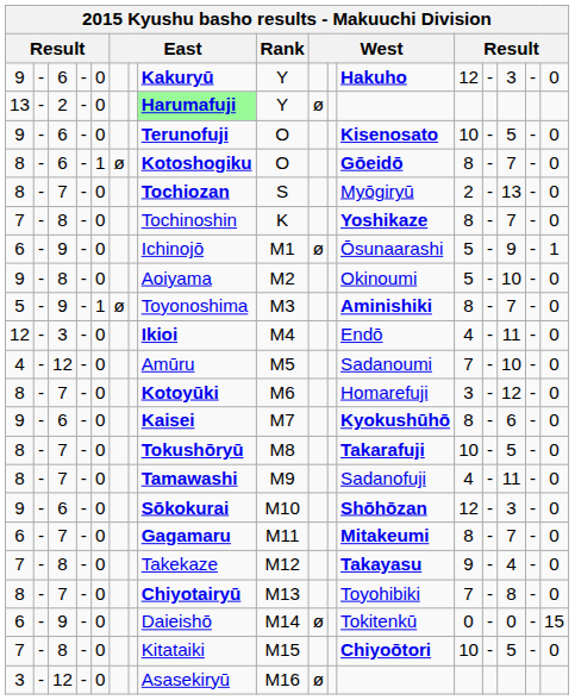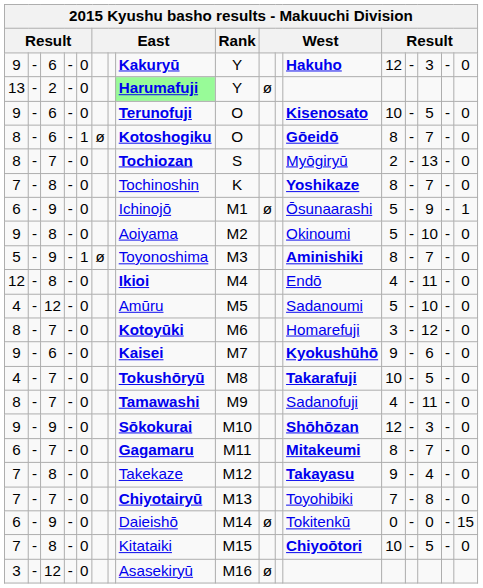 <table class="wikitable">
 <tr>
 <th colspan="17">2015 Kyushu basho results - Makuuchi Division</th>
 </tr>
 <tr>
 <th colspan="5">Result</th>
 <th colspan="3">East</th>
 <th>Rank</th>
 <th colspan="3">West</th>
 <th colspan="5">Result</th>
 </tr>
 <tr>
 <td align=center>9</td>
 <td align=center>-</td>
 <td align=center>6</td>
 <td align=center>-</td>
 <td align=center>0</td>
 <td align=center></td>
 <td align=center></td>
 <td><strong><a href='#'>Kakuryū</a></strong></td>
 <td align=center>Y</td>
 <td align=center></td>
 <td align=center></td>
 <td><strong><a href='#'>Hakuho</a></strong></td>
 <td align=center>12</td>
 <td align=center>-</td>
 <td align=center>3</td>
 <td align=center>-</td>
 <td align=center>0</td>
 </tr>
 <tr>
 <td align=center>13</td>
 <td align=center>-</td>
 <td align=center>2</td>
 <td align=center>-</td>
 <td align=center>0</td>
 <td align=center></td>
 <td align=center></td>
 <td style="background: PaleGreen;"><strong><a href='#'>Harumafuji</a></strong></td>
 <td align=center>Y</td>
 <td align=center>ø</td>
 <td align=center></td>
 <td></td>
 <td align=center></td>
 <td align=center></td>
 <td align=center></td>
 <td align=center></td>
 <td align=center></td>
 </tr>
 <tr>
 <td align=center>9</td>
 <td align=center>-</td>
 <td align=center>6</td>
 <td align=center>-</td>
 <td align=center>0</td>
 <td align=center></td>
 <td align=center></td>
 <td><strong><a href='#'>Terunofuji</a></strong></td>
 <td align=center>O</td>
 <td align=center></td>
 <td align=center></td>
 <td><strong><a href='#'>Kisenosato</a></strong></td>
 <td align=center>10</td>
 <td align=center>-</td>
 <td align=center>5</td>
 <td align=center>-</td>
 <td align=center>0</td>
 </tr>
 <tr>
 <td align=center>8</td>
 <td align=center>-</td>
 <td align=center>6</td>
 <td align=center>-</td>
 <td align=center>1</td>
 <td align=center>ø</td>
 <td align=center></td>
 <td><strong><a href='#'>Kotoshogiku</a></strong></td>
 <td align=center>O</td>
 <td align=center></td>
 <td align=center></td>
 <td><strong><a href='#'>Gōeidō</a></strong></td>
 <td align=center>8</td>
 <td align=center>-</td>
 <td align=center>7</td>
 <td align=center>-</td>
 <td align=center>0</td>
 </tr>
 <tr>
 <td align=center>8</td>
 <td align=center>-</td>
 <td align=center>7</td>
 <td align=center>-</td>
 <td align=center>0</td>
 <td align=center></td>
 <td align=center></td>
 <td><strong><a href='#'>Tochiozan</a></strong></td>
 <td align=center>S</td>
 <td align=center></td>
 <td align=center></td>
 <td><a href='#'>Myōgiryū</a></td>
 <td align=center>2</td>
 <td align=center>-</td>
 <td align=center>13</td>
 <td align=center>-</td>
 <td align=center>0</td>
 </tr>
 <tr>
 <td align=center>7</td>
 <td align=center>-</td>
 <td align=center>8</td>
 <td align=center>-</td>
 <td align=center>0</td>
 <td align=center></td>
 <td align=center></td>
 <td><a href='#'>Tochinoshin</a></td>
 <td align=center>K</td>
 <td align=center></td>
 <td align=center></td>
 <td><strong><a href='#'>Yoshikaze</a></strong></td>
 <td align=center>8</td>
 <td align=center>-</td>
 <td align=center>7</td>
 <td align=center>-</td>
 <td align=center>0</td>
 </tr>
 <tr>
 <td align=center>6</td>
 <td align=center>-</td>
 <td align=center>9</td>
 <td align=center>-</td>
 <td align=center>0</td>
 <td align=center></td>
 <td align=center></td>
 <td><a href='#'>Ichinojō</a></td>
 <td align=center>M1</td>
 <td align=center>ø</td>
 <td align=center></td>
 <td><a href='#'>Ōsunaarashi</a></td>
 <td align=center>5</td>
 <td align=center>-</td>
 <td align=center>9</td>
 <td align=center>-</td>
 <td align=center>1</td>
 </tr>
 <tr>
 <td align=center>9</td>
 <td align=center>-</td>
 <td align=center>8</td>
 <td align=center>-</td>
 <td align=center>0</td>
 <td align=center></td>
 <td align=center></td>
 <td><a href='#'>Aoiyama</a></td>
 <td align=center>M2</td>
 <td align=center></td>
 <td align=center></td>
 <td><a href='#'>Okinoumi</a></td>
 <td align=center>5</td>
 <td align=center>-</td>
 <td align=center>10</td>
 <td align=center>-</td>
 <td align=center>0</td>
 </tr>
 <tr>
 <td align=center>5</td>
 <td align=center>-</td>
 <td align=center>9</td>
 <td align=center>-</td>
 <td align=center>1</td>
 <td align=center>ø</td>
 <td align=center></td>
 <td><a href='#'>Toyonoshima</a></td>
 <td align=center>M3</td>
 <td align=center></td>
 <td align=center></td>
 <td><strong><a href='#'>Aminishiki</a></strong></td>
 <td align=center>8</td>
 <td align=center>-</td>
 <td align=center>7</td>
 <td align=center>-</td>
 <td align=center>0</td>
 </tr>
 <tr>
 <td align=center>12</td>
 <td align=center>-</td>
-<td align=center>3</td>
+<td align=center>8</td>
 <td align=center>-</td>
 <td align=center>0</td>
 <td align=center></td>
 <td align=center></td>
 <td><strong><a href='#'>Ikioi</a></strong></td>
 <td align=center>M4</td>
 <td align=center></td>
 <td align=center></td>
 <td><a href='#'>Endō</a></td>
 <td align=center>4</td>
 <td align=center>-</td>
 <td align=center>11</td>
 <td align=center>-</td>
 <td align=center>0</td>
 </tr>
 <tr>
 <td align=center>4</td>
 <td align=center>-</td>
 <td align=center>12</td>
 <td align=center>-</td>
 <td align=center>0</td>
 <td align=center></td>
 <td align=center></td>
 <td><a href='#'>Amūru</a></td>
 <td align=center>M5</td>
 <td align=center></td>
 <td align=center></td>
 <td><a href='#'>Sadanoumi</a></td>
-<td align=center>7</td>
+<td align=center>5</td>
 <td align=center>-</td>
 <td align=center>10</td>
 <td align=center>-</td>
 <td align=center>0</td>
 </tr>
 <tr>
 <td align=center>8</td>
 <td align=center>-</td>
 <td align=center>7</td>
 <td align=center>-</td>
 <td align=center>0</td>
 <td align=center></td>
 <td align=center></td>
 <td><strong><a href='#'>Kotoyūki</a></strong></td>
 <td align=center>M6</td>
 <td align=center></td>
 <td align=center></td>
 <td><a href='#'>Homarefuji</a></td>
 <td align=center>3</td>
 <td align=center>-</td>
 <td align=center>12</td>
 <td align=center>-</td>
 <td align=center>0</td>
 </tr>
 <tr>
 <td align=center>9</td>
 <td align=center>-</td>
 <td align=center>6</td>
 <td align=center>-</td>
 <td align=center>0</td>
 <td align=center></td>
 <td align=center></td>
 <td><strong><a href='#'>Kaisei</a></strong></td>
 <td align=center>M7</td>
 <td align=center></td>
 <td align=center></td>
 <td><strong><a href='#'>Kyokushūhō</a></strong></td>
-<td align=center>8</td>
+<td align=center>9</td>
 <td align=center>-</td>
 <td align=center>6</td>
 <td align=center>-</td>
 <td align=center>0</td>
 </tr>
 <tr>
-<td align=center>8</td>
+<td align=center>4</td>
 <td align=center>-</td>
 <td align=center>7</td>
 <td align=center>-</td>
 <td align=center>0</td>
 <td align=center></td>
 <td align=center></td>
 <td><strong><a href='#'>Tokushōryū</a></strong></td>
 <td align=center>M8</td>
 <td align=center></td>
 <td align=center></td>
 <td><strong><a href='#'>Takarafuji</a></strong></td>
 <td align=center>10</td>
 <td align=center>-</td>
 <td align=center>5</td>
 <td align=center>-</td>
 <td align=center>0</td>
 </tr>
 <tr>
 <td align=center>8</td>
 <td align=center>-</td>
 <td align=center>7</td>
 <td align=center>-</td>
 <td align=center>0</td>
 <td align=center></td>
 <td align=center></td>
 <td><strong><a href='#'>Tamawashi</a></strong></td>
 <td align=center>M9</td>
 <td align=center></td>
 <td align=center></td>
 <td><a href='#'>Sadanofuji</a></td>
 <td align=center>4</td>
 <td align=center>-</td>
 <td align=center>11</td>
 <td align=center>-</td>
 <td align=center>0</td>
 </tr>
 <tr>
 <td align=center>9</td>
 <td align=center>-</td>
-<td align=center>6</td>
+<td align=center>9</td>
 <td align=center>-</td>
 <td align=center>0</td>
 <td align=center></td>
 <td align=center></td>
 <td><strong><a href='#'>Sōkokurai</a></strong></td>
 <td align=center>M10</td>
 <td align=center></td>
 <td align=center></td>
 <td><strong><a href='#'>Shōhōzan</a></strong></td>
 <td align=center>12</td>
 <td align=center>-</td>
 <td align=center>3</td>
 <td align=center>-</td>
 <td align=center>0</td>
 </tr>
 <tr>
 <td align=center>6</td>
 <td align=center>-</td>
 <td align=center>7</td>
 <td align=center>-</td>
 <td align=center>0</td>
 <td align=center></td>
 <td align=center></td>
 <td><strong><a href='#'>Gagamaru</a></strong></td>
 <td align=center>M11</td>
 <td align=center></td>
 <td align=center></td>
 <td><strong><a href='#'>Mitakeumi</a></strong></td>
 <td align=center>8</td>
 <td align=center>-</td>
 <td align=center>7</td>
 <td align=center>-</td>
 <td align=center>0</td>
 </tr>
 <tr>
 <td align=center>7</td>
 <td align=center>-</td>
 <td align=center>8</td>
 <td align=center>-</td>
 <td align=center>0</td>
 <td align=center></td>
 <td align=center></td>
 <td><a href='#'>Takekaze</a></td>
 <td align=center>M12</td>
 <td align=center></td>
 <td align=center></td>
 <td><strong><a href='#'>Takayasu</a></strong></td>
 <td align=center>9</td>
 <td align=center>-</td>
 <td align=center>4</td>
 <td align=center>-</td>
 <td align=center>0</td>
 </tr>
 <tr>
-<td align=center>8</td>
+<td align=center>7</td>
 <td align=center>-</td>
 <td align=center>7</td>
 <td align=center>-</td>
 <td align=center>0</td>
 <td align=center></td>
 <td align=center></td>
 <td><strong><a href='#'>Chiyotairyū</a></strong></td>
 <td align=center>M13</td>
 <td align=center></td>
 <td align=center></td>
 <td><a href='#'>Toyohibiki</a></td>
 <td align=center>7</td>
 <td align=center>-</td>
 <td align=center>8</td>
 <td align=center>-</td>
 <td align=center>0</td>
 </tr>
 <tr>
 <td align=center>6</td>
 <td align=center>-</td>
 <td align=center>9</td>
 <td align=center>-</td>
 <td align=center>0</td>
 <td align=center></td>
 <td align=center></td>
 <td><a href='#'>Daieishō</a></td>
 <td align=center>M14</td>
 <td align=center>ø</td>
 <td align=center></td>
 <td><a href='#'>Tokitenkū</a></td>
 <td align=center>0</td>
 <td align=center>-</td>
 <td align=center>0</td>
 <td align=center>-</td>
 <td align=center>15</td>
 </tr>
 <tr>
 <td align=center>7</td>
 <td align=center>-</td>
 <td align=center>8</td>
 <td align=center>-</td>
 <td align=center>0</td>
 <td align=center></td>
 <td align=center></td>
 <td><a href='#'>Kitataiki</a></td>
 <td align=center>M15</td>
 <td align=center></td>
 <td align=center></td>
 <td><strong><a href='#'>Chiyoōtori</a></strong></td>
 <td align=center>10</td>
 <td align=center>-</td>
 <td align=center>5</td>
 <td align=center>-</td>
 <td align=center>0</td>
 </tr>
 <tr>
 <td align=center>3</td>
 <td align=center>-</td>
 <td align=center>12</td>
 <td align=center>-</td>
 <td align=center>0</td>
 <td align=center></td>
 <td align=center></td>
 <td><a href='#'>Asasekiryū</a></td>
 <td align=center>M16</td>
 <td align=center>ø</td>
 <td align=center></td>
 <td></td>
 <td align=center></td>
 <td align=center></td>
 <td align=center></td>
 <td align=center></td>
 <td align=center></td>
 </tr>
 </table>
